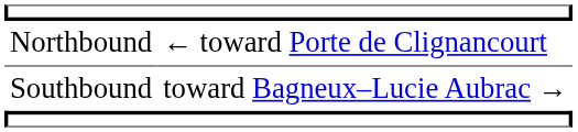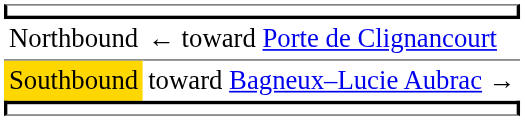 <table border=0 cellspacing=0 cellpadding=3>
 <tr>
 <td style="border-top:solid 1px gray;border-right:solid 2px black;border-left:solid 2px black;border-bottom:solid 2px black;text-align:center" colspan=2></td>
 </tr>
 <tr>
 <td style="border-bottom:solid 1px gray">Northbound</td>
 <td style="border-bottom:solid 1px gray">←   toward <a href='#'>Porte de Clignancourt</a> </td>
 </tr>
 <tr>
-<td>Southbound</td>
+<td style="background: gold;">Southbound</td>
 <td>   toward <a href='#'>Bagneux–Lucie Aubrac</a>  →</td>
 </tr>
 <tr>
 <td style="border-top:solid 2px black;border-right:solid 2px black;border-left:solid 2px black;border-bottom:solid 1px gray;text-align:center" colspan=2></td>
 </tr>
 </table>
